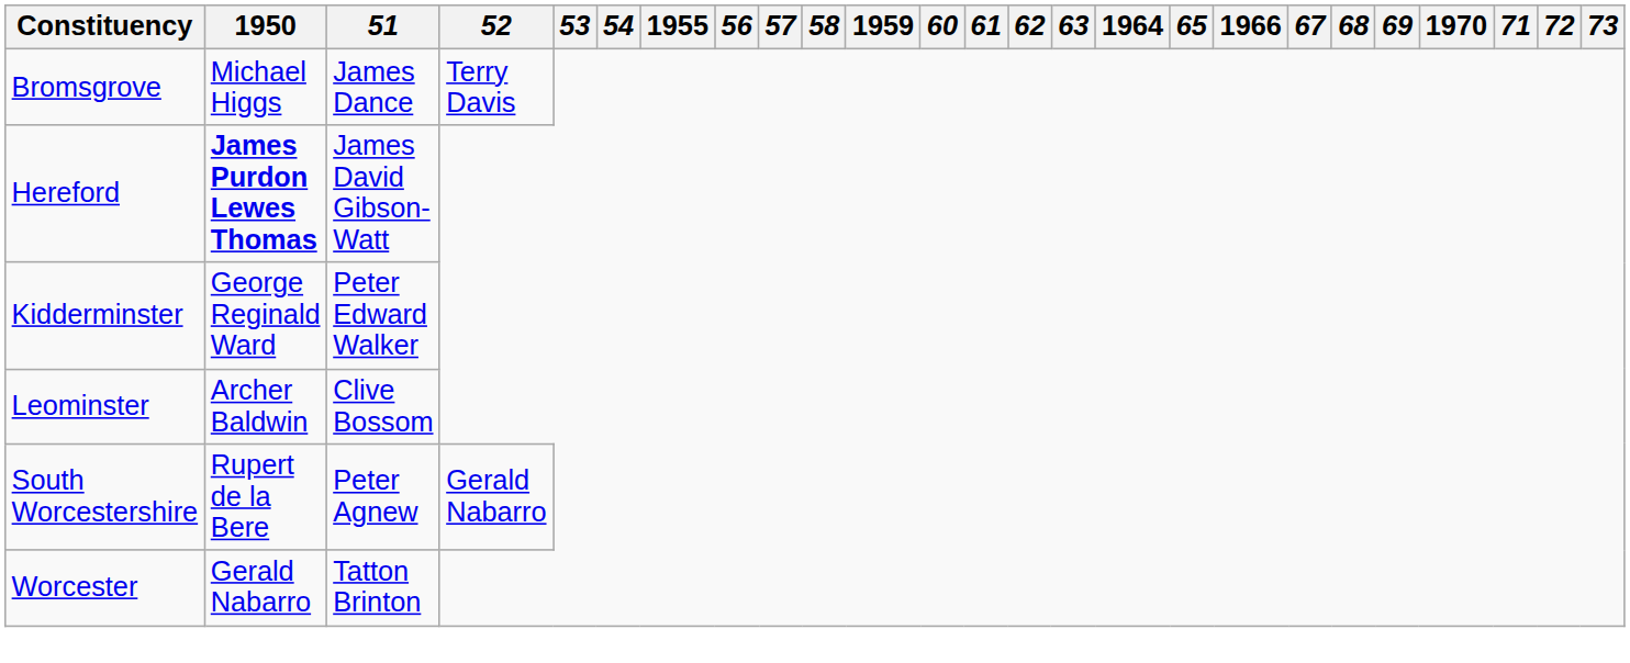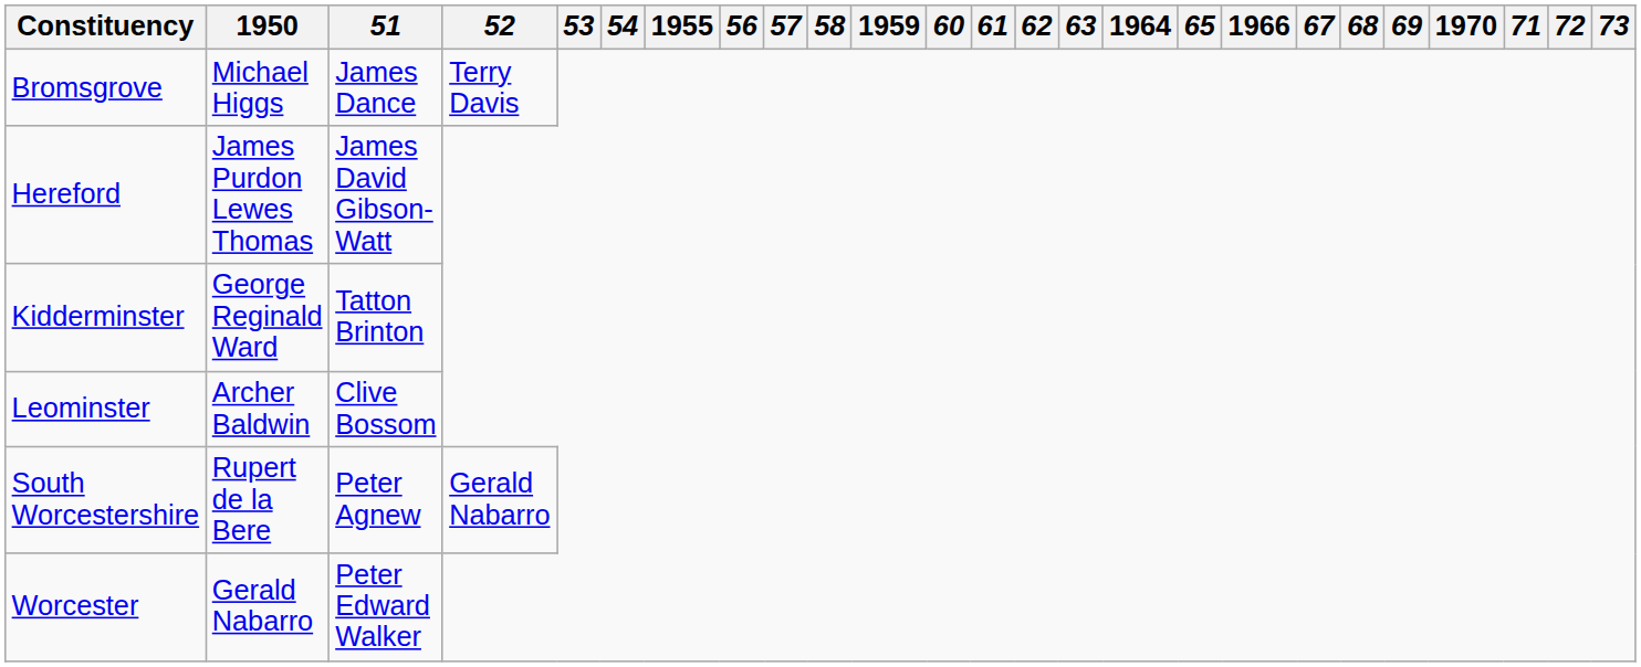 <table class="wikitable">
 <tr>
 <th>Constituency</th>
 <th>1950</th>
 <th><em>51</em></th>
 <th><em>52</em></th>
 <th><em>53</em></th>
 <th><em>54</em></th>
 <th>1955</th>
 <th><em>56</em></th>
 <th><em>57</em></th>
 <th><em>58</em></th>
 <th>1959</th>
 <th><em>60</em></th>
 <th><em>61</em></th>
 <th><em>62</em></th>
 <th><em>63</em></th>
 <th>1964</th>
 <th><em>65</em></th>
 <th>1966</th>
 <th><em>67</em></th>
 <th><em>68</em></th>
 <th><em>69</em></th>
 <th>1970</th>
 <th><em>71</em></th>
 <th><em>72</em></th>
 <th><em>73</em></th>
 </tr>
 <tr>
 <td><a href='#'>Bromsgrove</a></td>
 <td><a href='#'>Michael Higgs</a></td>
 <td><a href='#'>James Dance</a></td>
 <td><a href='#'>Terry Davis</a></td>
 </tr>
 <tr>
 <td><a href='#'>Hereford</a></td>
-<td><strong><a href='#'>James Purdon Lewes Thomas</a></strong></td>
+<td><a href='#'>James Purdon Lewes Thomas</a></td>
 <td><a href='#'>James David Gibson-Watt</a></td>
 </tr>
 <tr>
 <td><a href='#'>Kidderminster</a></td>
 <td><a href='#'>George Reginald Ward</a></td>
-<td><a href='#'>Peter Edward Walker</a></td>
+<td><a href='#'>Tatton Brinton</a></td>
 </tr>
 <tr>
 <td><a href='#'>Leominster</a></td>
 <td><a href='#'>Archer Baldwin</a></td>
 <td><a href='#'>Clive Bossom</a></td>
 </tr>
 <tr>
 <td><a href='#'>South Worcestershire</a></td>
 <td><a href='#'>Rupert de la Bere</a></td>
 <td><a href='#'>Peter Agnew</a></td>
 <td><a href='#'>Gerald Nabarro</a></td>
 </tr>
 <tr>
 <td><a href='#'>Worcester</a></td>
 <td><a href='#'>Gerald Nabarro</a></td>
-<td><a href='#'>Tatton Brinton</a></td>
+<td><a href='#'>Peter Edward Walker</a></td>
 </tr>
 </table>
